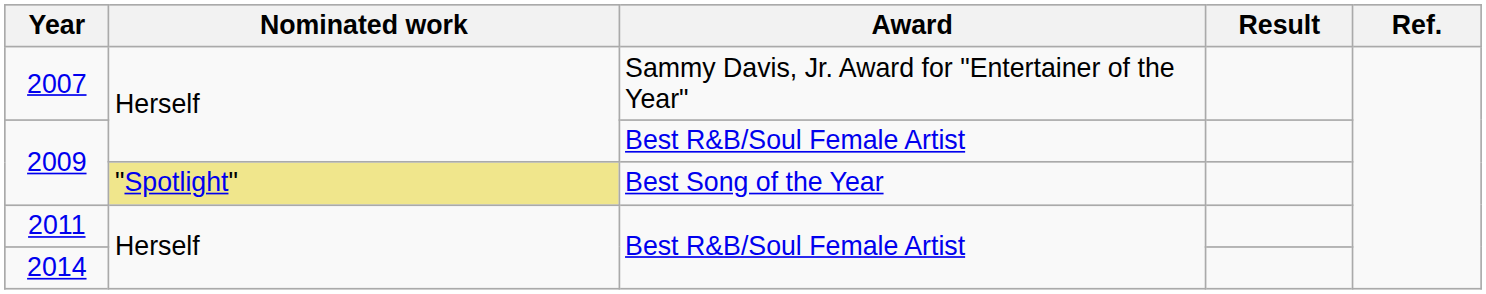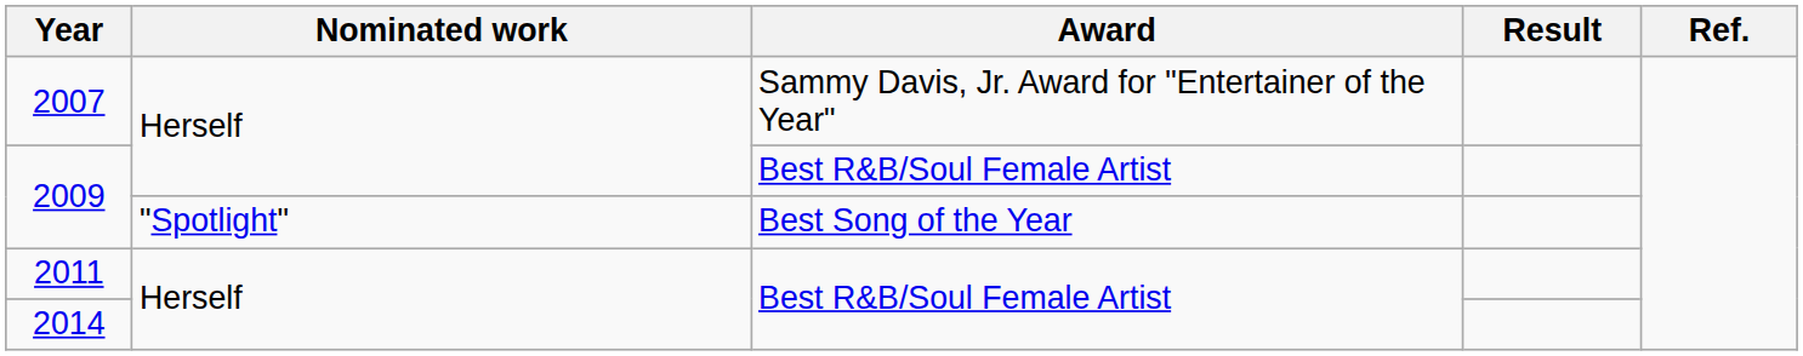 <table class="wikitable" style="width:70%;">
 <tr>
 <th style="width:3%;">Year</th>
 <th style="width:20%;">Nominated work</th>
 <th style="width:23%;">Award</th>
 <th style="width:5%;">Result</th>
 <th style="width:5%;">Ref.</th>
 </tr>
 <tr>
 <td align="center"><a href='#'>2007</a></td>
 <td rowspan="2">Herself</td>
 <td>Sammy Davis, Jr. Award for "Entertainer of the Year"</td>
 <td></td>
 <td rowspan="5" align="center"></td>
 </tr>
 <tr>
 <td rowspan="2" align="center"><a href='#'>2009</a></td>
 <td><a href='#'>Best R&B/Soul Female Artist</a></td>
 <td></td>
 </tr>
 <tr>
-<td style="background: khaki;">"<a href='#'>Spotlight</a>"</td>
+<td>"<a href='#'>Spotlight</a>"</td>
 <td><a href='#'>Best Song of the Year</a></td>
 <td></td>
 </tr>
 <tr>
 <td align="center"><a href='#'>2011</a></td>
 <td rowspan="2">Herself</td>
 <td rowspan="2"><a href='#'>Best R&B/Soul Female Artist</a></td>
 <td></td>
 </tr>
 <tr>
 <td align="center"><a href='#'>2014</a></td>
 <td></td>
 </tr>
 </table>
